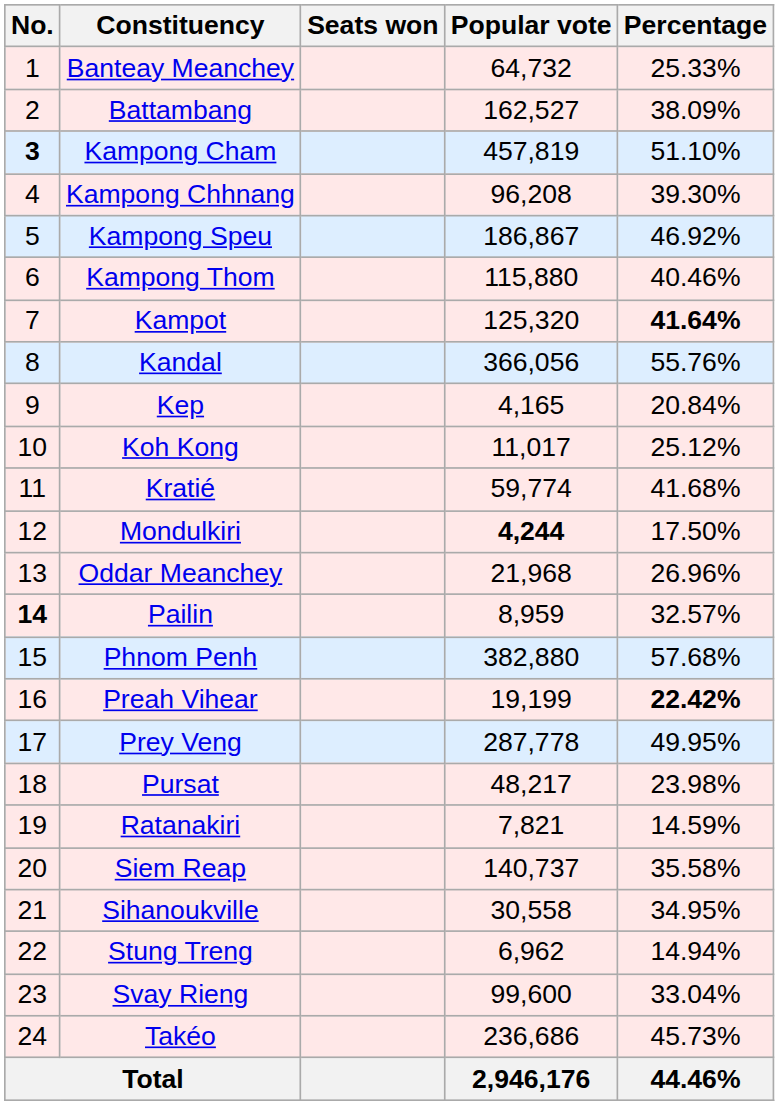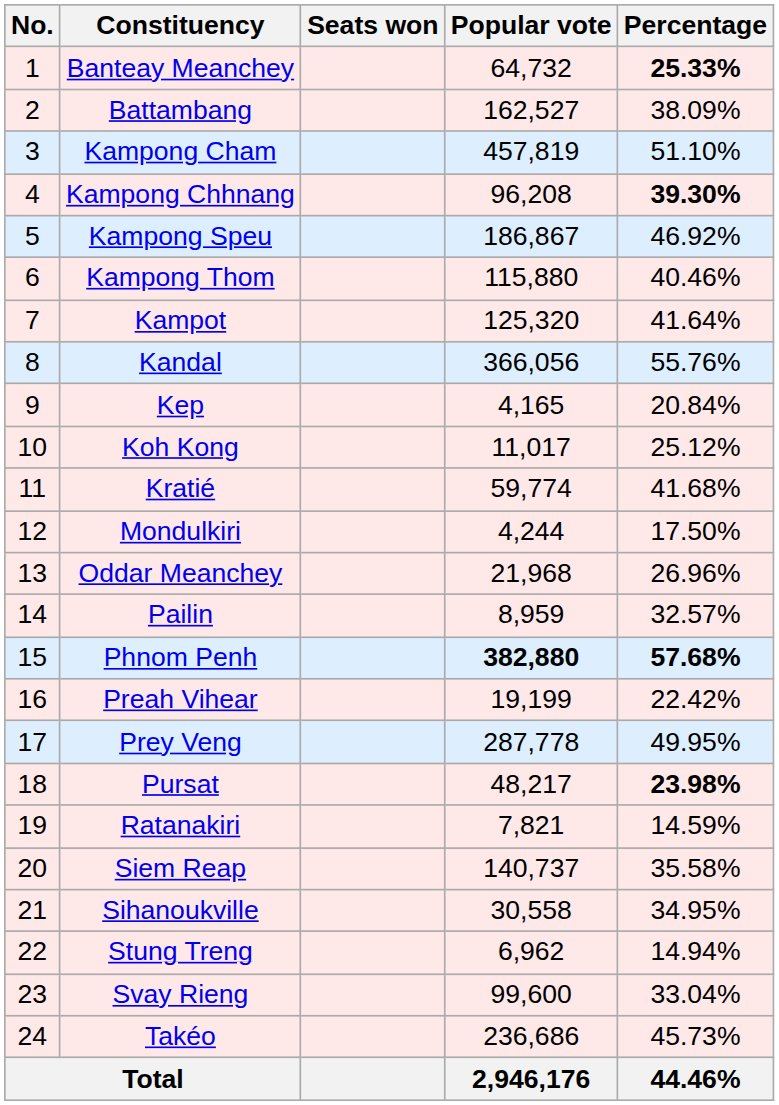 <table class="wikitable sortable" style="text-align:center">
 <tr>
 <th>No.</th>
 <th>Constituency</th>
 <th>Seats won</th>
 <th>Popular vote</th>
 <th>Percentage</th>
 </tr>
 <tr bgcolor=#FFE8E8>
 <td>1</td>
 <td><a href='#'>Banteay Meanchey</a></td>
 <td></td>
 <td>64,732</td>
-<td>25.33%</td>
+<td><strong>25.33%</strong></td>
 </tr>
 <tr bgcolor=#FFE8E8>
 <td>2</td>
 <td><a href='#'>Battambang</a></td>
 <td></td>
 <td>162,527</td>
 <td>38.09%</td>
 </tr>
 <tr bgcolor=#DDEEFF>
-<td><strong>3</strong></td>
+<td>3</td>
 <td><a href='#'>Kampong Cham</a></td>
 <td></td>
 <td>457,819</td>
 <td>51.10%</td>
 </tr>
 <tr bgcolor=#FFE8E8>
 <td>4</td>
 <td><a href='#'>Kampong Chhnang</a></td>
 <td></td>
 <td>96,208</td>
-<td>39.30%</td>
+<td><strong>39.30%</strong></td>
 </tr>
 <tr bgcolor=#DDEEFF>
 <td>5</td>
 <td><a href='#'>Kampong Speu</a></td>
 <td></td>
 <td>186,867</td>
 <td>46.92%</td>
 </tr>
 <tr bgcolor=#FFE8E8>
 <td>6</td>
 <td><a href='#'>Kampong Thom</a></td>
 <td></td>
 <td>115,880</td>
 <td>40.46%</td>
 </tr>
 <tr bgcolor=#FFE8E8>
 <td>7</td>
 <td><a href='#'>Kampot</a></td>
 <td></td>
 <td>125,320</td>
-<td><strong>41.64%</strong></td>
+<td>41.64%</td>
 </tr>
 <tr bgcolor=#DDEEFF>
 <td>8</td>
 <td><a href='#'>Kandal</a></td>
 <td></td>
 <td>366,056</td>
 <td>55.76%</td>
 </tr>
 <tr bgcolor=#FFE8E8>
 <td>9</td>
 <td><a href='#'>Kep</a></td>
 <td></td>
 <td>4,165</td>
 <td>20.84%</td>
 </tr>
 <tr bgcolor=#FFE8E8>
 <td>10</td>
 <td><a href='#'>Koh Kong</a></td>
 <td></td>
 <td>11,017</td>
 <td>25.12%</td>
 </tr>
 <tr bgcolor=#FFE8E8>
 <td>11</td>
 <td><a href='#'>Kratié</a></td>
 <td></td>
 <td>59,774</td>
 <td>41.68%</td>
 </tr>
 <tr bgcolor=#FFE8E8>
 <td>12</td>
 <td><a href='#'>Mondulkiri</a></td>
 <td></td>
-<td><strong>4,244</strong></td>
+<td>4,244</td>
 <td>17.50%</td>
 </tr>
 <tr bgcolor=#FFE8E8>
 <td>13</td>
 <td><a href='#'>Oddar Meanchey</a></td>
 <td></td>
 <td>21,968</td>
 <td>26.96%</td>
 </tr>
 <tr bgcolor=#FFE8E8>
-<td><strong>14</strong></td>
+<td>14</td>
 <td><a href='#'>Pailin</a></td>
 <td></td>
 <td>8,959</td>
 <td>32.57%</td>
 </tr>
 <tr bgcolor=#DDEEFF>
 <td>15</td>
 <td><a href='#'>Phnom Penh</a></td>
 <td></td>
-<td>382,880</td>
-<td>57.68%</td>
+<td><strong>382,880</strong></td>
+<td><strong>57.68%</strong></td>
 </tr>
 <tr bgcolor=#FFE8E8>
 <td>16</td>
 <td><a href='#'>Preah Vihear</a></td>
 <td></td>
 <td>19,199</td>
-<td><strong>22.42%</strong></td>
+<td>22.42%</td>
 </tr>
 <tr bgcolor=#DDEEFF>
 <td>17</td>
 <td><a href='#'>Prey Veng</a></td>
 <td></td>
 <td>287,778</td>
 <td>49.95%</td>
 </tr>
 <tr bgcolor=#FFE8E8>
 <td>18</td>
 <td><a href='#'>Pursat</a></td>
 <td></td>
 <td>48,217</td>
-<td>23.98%</td>
+<td><strong>23.98%</strong></td>
 </tr>
 <tr bgcolor=#FFE8E8>
 <td>19</td>
 <td><a href='#'>Ratanakiri</a></td>
 <td></td>
 <td>7,821</td>
 <td>14.59%</td>
 </tr>
 <tr bgcolor=#FFE8E8>
 <td>20</td>
 <td><a href='#'>Siem Reap</a></td>
 <td></td>
 <td>140,737</td>
 <td>35.58%</td>
 </tr>
 <tr bgcolor=#FFE8E8>
 <td>21</td>
 <td><a href='#'>Sihanoukville</a></td>
 <td></td>
 <td>30,558</td>
 <td>34.95%</td>
 </tr>
 <tr bgcolor=#FFE8E8>
 <td>22</td>
 <td><a href='#'>Stung Treng</a></td>
 <td></td>
 <td>6,962</td>
 <td>14.94%</td>
 </tr>
 <tr bgcolor=#FFE8E8>
 <td>23</td>
 <td><a href='#'>Svay Rieng</a></td>
 <td></td>
 <td>99,600</td>
 <td>33.04%</td>
 </tr>
 <tr bgcolor=#FFE8E8>
 <td>24</td>
 <td><a href='#'>Takéo</a></td>
 <td></td>
 <td>236,686</td>
 <td>45.73%</td>
 </tr>
 <tr>
 <th colspan="2">Total</th>
 <th></th>
 <th>2,946,176</th>
 <th>44.46%</th>
 </tr>
 <tr>
 </tr>
 </table>
